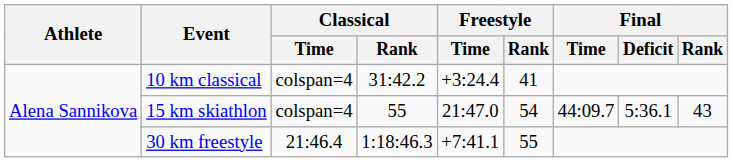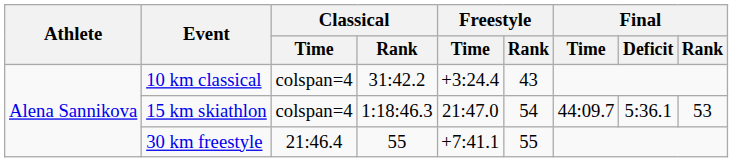 <table class="wikitable" style="font-size:90%">
 <tr>
 <th rowspan=2>Athlete</th>
 <th rowspan=2>Event</th>
 <th colspan=2>Classical</th>
 <th colspan=2>Freestyle</th>
 <th colspan=3>Final</th>
 </tr>
 <tr style="font-size: 95%">
 <th>Time</th>
 <th>Rank</th>
 <th>Time</th>
 <th>Rank</th>
 <th>Time</th>
 <th>Deficit</th>
 <th>Rank</th>
 </tr>
 <tr align=center>
 <td align=left rowspan=3><a href='#'>Alena Sannikova</a></td>
 <td align=left><a href='#'>10 km classical</a></td>
 <td>colspan=4 </td>
 <td>31:42.2</td>
 <td>+3:24.4</td>
-<td>41</td>
+<td>43</td>
 </tr>
 <tr align=center>
 <td align=left><a href='#'>15 km skiathlon</a></td>
 <td>colspan=4 </td>
-<td>55</td>
+<td>1:18:46.3</td>
 <td>21:47.0</td>
 <td>54</td>
 <td>44:09.7</td>
 <td>5:36.1</td>
-<td>43</td>
+<td>53</td>
 </tr>
 <tr align=center>
 <td align=left><a href='#'>30 km freestyle</a></td>
 <td>21:46.4</td>
-<td>1:18:46.3</td>
+<td>55</td>
 <td>+7:41.1</td>
 <td>55</td>
 </tr>
 </table>
